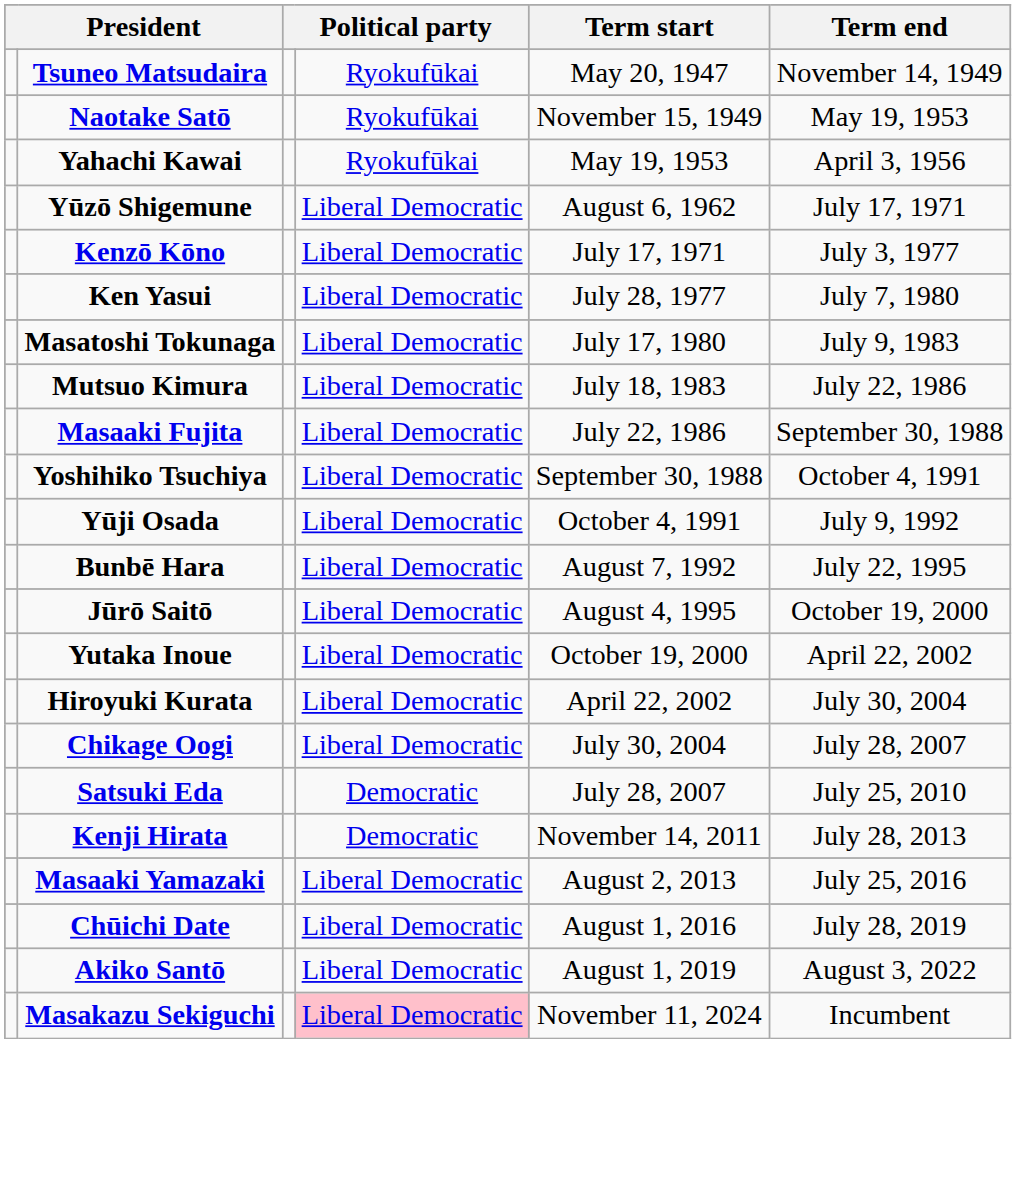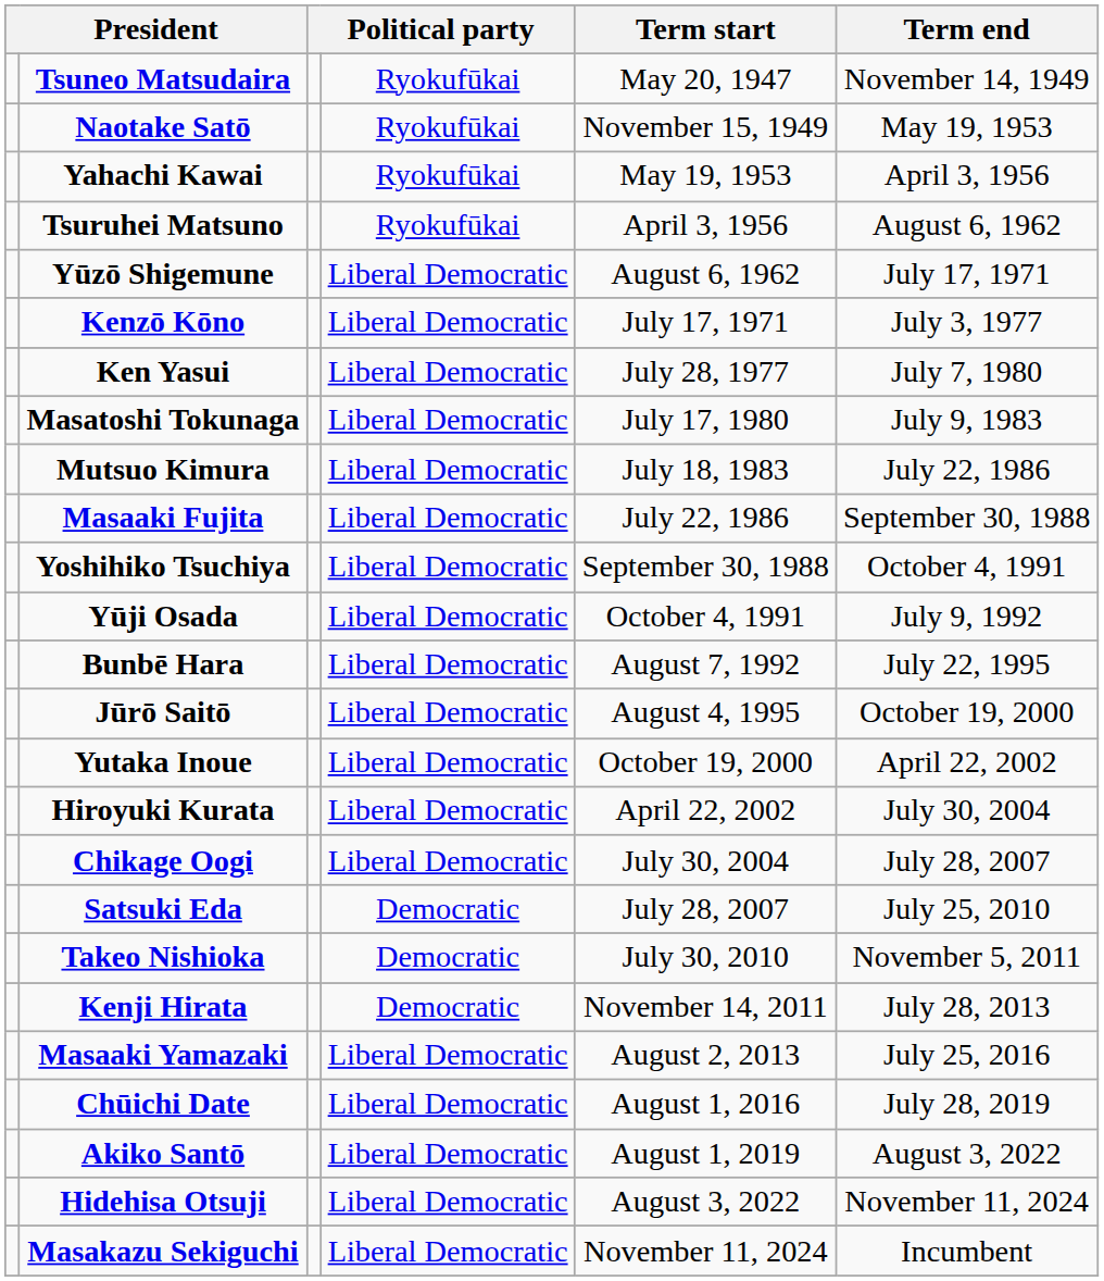 <table class="wikitable" style="text-align:center; border:1px #AAAAFF solid">
 <tr>
 <th colspan="2" width="0" align="center">President</th>
 <th colspan="2" width="0" align="center">Political party</th>
 <th width="0" align="center">Term start</th>
 <th>Term end</th>
 </tr>
 <tr>
 <td></td>
 <td><strong><a href='#'>Tsuneo Matsudaira</a></strong><br></td>
 <td style="background:"></td>
 <td><a href='#'>Ryokufūkai</a></td>
 <td>May 20, 1947</td>
 <td>November 14, 1949</td>
 </tr>
 <tr>
 <td></td>
 <td><strong><a href='#'>Naotake Satō</a></strong><br></td>
 <td style="background:"></td>
 <td><a href='#'>Ryokufūkai</a></td>
 <td>November 15, 1949</td>
 <td>May 19, 1953</td>
 </tr>
 <tr>
 <td></td>
 <td><strong>Yahachi Kawai</strong><br></td>
 <td style="background:"></td>
 <td><a href='#'>Ryokufūkai</a></td>
 <td>May 19, 1953</td>
 <td>April 3, 1956</td>
+</tr>
+<tr>
+<td></td>
+<td><strong>Tsuruhei Matsuno</strong><br></td>
+<td style="background:"></td>
+<td><a href='#'>Ryokufūkai</a></td>
+<td>April 3, 1956</td>
+<td>August 6, 1962</td>
 </tr>
 <tr>
 <td></td>
 <td><strong>Yūzō Shigemune</strong><br></td>
 <td style="background:"></td>
 <td><a href='#'>Liberal Democratic</a></td>
 <td>August 6, 1962</td>
 <td>July 17, 1971</td>
 </tr>
 <tr>
 <td></td>
 <td><strong><a href='#'>Kenzō Kōno</a></strong><br></td>
 <td style="background:"></td>
 <td><a href='#'>Liberal Democratic</a></td>
 <td>July 17, 1971</td>
 <td>July 3, 1977</td>
 </tr>
 <tr>
 <td></td>
 <td><strong>Ken Yasui</strong><br></td>
 <td style="background:"></td>
 <td><a href='#'>Liberal Democratic</a></td>
 <td>July 28, 1977</td>
 <td>July 7, 1980</td>
 </tr>
 <tr>
 <td></td>
 <td><strong>Masatoshi Tokunaga</strong><br></td>
 <td style="background:"></td>
 <td><a href='#'>Liberal Democratic</a></td>
 <td>July 17, 1980</td>
 <td>July 9, 1983</td>
 </tr>
 <tr>
 <td></td>
 <td><strong>Mutsuo Kimura</strong><br></td>
 <td style="background:"></td>
 <td><a href='#'>Liberal Democratic</a></td>
 <td>July 18, 1983</td>
 <td>July 22, 1986</td>
 </tr>
 <tr>
 <td></td>
 <td><strong><a href='#'>Masaaki Fujita</a></strong><br></td>
 <td style="background:"></td>
 <td><a href='#'>Liberal Democratic</a></td>
 <td>July 22, 1986</td>
 <td>September 30, 1988</td>
 </tr>
 <tr>
 <td></td>
 <td><strong>Yoshihiko Tsuchiya</strong><br></td>
 <td style="background:"></td>
 <td><a href='#'>Liberal Democratic</a></td>
 <td>September 30, 1988</td>
 <td>October 4, 1991</td>
 </tr>
 <tr>
 <td></td>
 <td><strong>Yūji Osada</strong><br></td>
 <td style="background:"></td>
 <td><a href='#'>Liberal Democratic</a></td>
 <td>October 4, 1991</td>
 <td>July 9, 1992</td>
 </tr>
 <tr>
 <td></td>
 <td><strong>Bunbē Hara</strong><br></td>
 <td style="background:"></td>
 <td><a href='#'>Liberal Democratic</a></td>
 <td>August 7, 1992</td>
 <td>July 22, 1995</td>
 </tr>
 <tr>
 <td></td>
 <td><strong>Jūrō Saitō</strong><br></td>
 <td style="background:"></td>
 <td><a href='#'>Liberal Democratic</a></td>
 <td>August 4, 1995</td>
 <td>October 19, 2000</td>
 </tr>
 <tr>
 <td></td>
 <td><strong>Yutaka Inoue</strong><br></td>
 <td style="background:"></td>
 <td><a href='#'>Liberal Democratic</a></td>
 <td>October 19, 2000</td>
 <td>April 22, 2002</td>
 </tr>
 <tr>
 <td></td>
 <td><strong>Hiroyuki Kurata</strong><br></td>
 <td style="background:"></td>
 <td><a href='#'>Liberal Democratic</a></td>
 <td>April 22, 2002</td>
 <td>July 30, 2004</td>
 </tr>
 <tr>
 <td></td>
 <td><strong><a href='#'>Chikage Oogi</a></strong><br></td>
 <td style="background:"></td>
 <td><a href='#'>Liberal Democratic</a></td>
 <td>July 30, 2004</td>
 <td>July 28, 2007</td>
 </tr>
 <tr>
 <td></td>
 <td><strong><a href='#'>Satsuki Eda</a></strong><br></td>
 <td style="background:"></td>
 <td><a href='#'>Democratic</a></td>
 <td>July 28, 2007</td>
 <td>July 25, 2010</td>
 </tr>
 <tr>
 <td></td>
+<td><strong><a href='#'>Takeo Nishioka</a></strong><br></td>
+<td style="background:"></td>
+<td><a href='#'>Democratic</a></td>
+<td>July 30, 2010</td>
+<td>November 5, 2011</td>
+</tr>
+<tr>
+<td></td>
 <td><strong><a href='#'>Kenji Hirata</a></strong><br></td>
 <td style="background:"></td>
 <td><a href='#'>Democratic</a></td>
 <td>November 14, 2011</td>
 <td>July 28, 2013</td>
 </tr>
 <tr>
 <td></td>
 <td><strong><a href='#'>Masaaki Yamazaki</a></strong><br></td>
 <td style="background:"></td>
 <td><a href='#'>Liberal Democratic</a></td>
 <td>August 2, 2013</td>
 <td>July 25, 2016</td>
 </tr>
 <tr>
 <td></td>
 <td><strong><a href='#'>Chūichi Date</a></strong><br></td>
 <td style="background:"></td>
 <td><a href='#'>Liberal Democratic</a></td>
 <td>August 1, 2016</td>
 <td>July 28, 2019</td>
 </tr>
 <tr>
 <td></td>
 <td><strong><a href='#'>Akiko Santō</a></strong><br></td>
 <td style="background:"></td>
 <td><a href='#'>Liberal Democratic</a></td>
 <td>August 1, 2019</td>
 <td>August 3, 2022</td>
 </tr>
 <tr>
 <td></td>
+<td><strong><a href='#'>Hidehisa Otsuji</a></strong><br></td>
+<td style="background:"></td>
+<td><a href='#'>Liberal Democratic</a></td>
+<td>August 3, 2022</td>
+<td>November 11, 2024</td>
+</tr>
+<tr>
+<td></td>
 <td><strong><a href='#'>Masakazu Sekiguchi</a></strong><br></td>
 <td style="background:"></td>
-<td style="background: pink;"><a href='#'>Liberal Democratic</a></td>
+<td><a href='#'>Liberal Democratic</a></td>
 <td>November 11, 2024</td>
 <td>Incumbent</td>
 </tr>
 </table>
